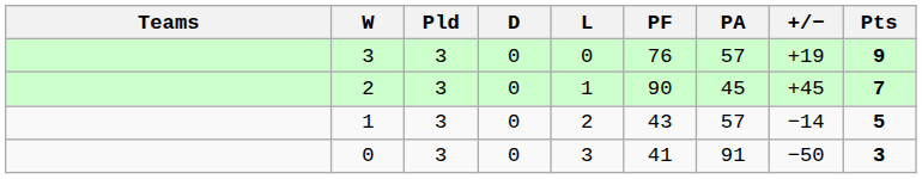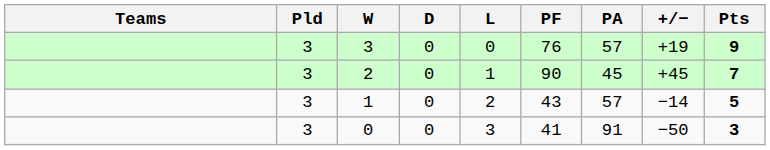 <table class="wikitable" style="text-align: center;">
 <tr>
 <th width="200">Teams</th>
+<th width="40">Pld</th>
 <th width="40">W</th>
-<th width="40">Pld</th>
 <th width="40">D</th>
 <th width="40">L</th>
 <th width="40">PF</th>
 <th width="40">PA</th>
 <th width="40">+/−</th>
 <th width="40">Pts</th>
 </tr>
 <tr bgcolor=ccffcc>
 <td align=left></td>
 <td>3</td>
 <td>3</td>
 <td>0</td>
 <td>0</td>
 <td>76</td>
 <td>57</td>
 <td>+19</td>
 <td><strong>9</strong></td>
 </tr>
 <tr bgcolor=ccffcc>
 <td align=left></td>
+<td>3</td>
 <td>2</td>
-<td>3</td>
 <td>0</td>
 <td>1</td>
 <td>90</td>
 <td>45</td>
 <td>+45</td>
 <td><strong>7</strong></td>
 </tr>
 <tr>
 <td align=left></td>
+<td>3</td>
 <td>1</td>
-<td>3</td>
 <td>0</td>
 <td>2</td>
 <td>43</td>
 <td>57</td>
 <td>−14</td>
 <td><strong>5</strong></td>
 </tr>
 <tr>
 <td align=left></td>
+<td>3</td>
 <td>0</td>
-<td>3</td>
 <td>0</td>
 <td>3</td>
 <td>41</td>
 <td>91</td>
 <td>−50</td>
 <td><strong>3</strong></td>
 </tr>
 </table>
